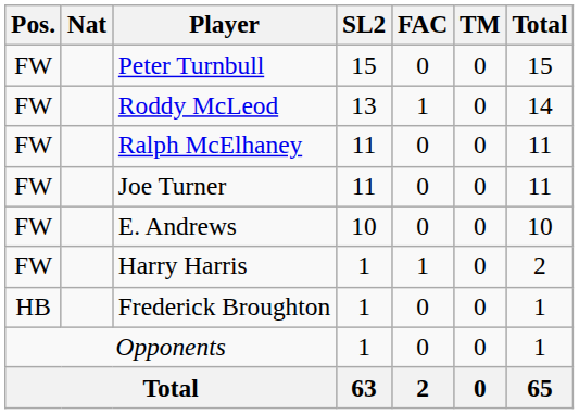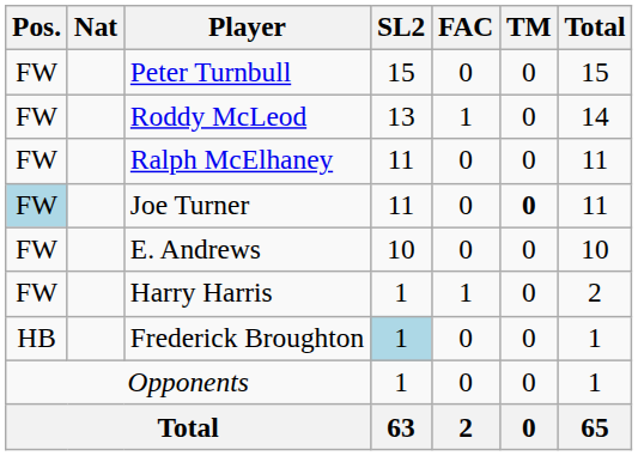 <table class="wikitable"  style="text-align:center; border:1px #aaa solid;">
 <tr>
 <th>Pos.</th>
 <th>Nat</th>
 <th>Player</th>
 <th>SL2</th>
 <th>FAC</th>
 <th>TM</th>
 <th>Total</th>
 </tr>
 <tr>
 <td>FW</td>
 <td></td>
 <td style="text-align:left;"><a href='#'>Peter Turnbull</a></td>
 <td>15</td>
 <td>0</td>
 <td>0</td>
 <td>15</td>
 </tr>
 <tr>
 <td>FW</td>
 <td></td>
 <td style="text-align:left;"><a href='#'>Roddy McLeod</a></td>
 <td>13</td>
 <td>1</td>
 <td>0</td>
 <td>14</td>
 </tr>
 <tr>
 <td>FW</td>
 <td></td>
 <td style="text-align:left;"><a href='#'>Ralph McElhaney</a></td>
 <td>11</td>
 <td>0</td>
 <td>0</td>
 <td>11</td>
 </tr>
 <tr>
-<td>FW</td>
+<td style="background: lightblue;">FW</td>
 <td></td>
 <td style="text-align:left;">Joe Turner</td>
 <td>11</td>
 <td>0</td>
-<td>0</td>
+<td><strong>0</strong></td>
 <td>11</td>
 </tr>
 <tr>
 <td>FW</td>
 <td></td>
 <td style="text-align:left;">E. Andrews</td>
 <td>10</td>
 <td>0</td>
 <td>0</td>
 <td>10</td>
 </tr>
 <tr>
 <td>FW</td>
 <td></td>
 <td style="text-align:left;">Harry Harris</td>
 <td>1</td>
 <td>1</td>
 <td>0</td>
 <td>2</td>
 </tr>
 <tr>
 <td>HB</td>
 <td></td>
 <td style="text-align:left;">Frederick Broughton</td>
-<td>1</td>
+<td style="background: lightblue;">1</td>
 <td>0</td>
 <td>0</td>
 <td>1</td>
 </tr>
 <tr>
 <td colspan="3"><em>Opponents</em></td>
 <td>1</td>
 <td>0</td>
 <td>0</td>
 <td>1</td>
 </tr>
 <tr>
 <th colspan="3">Total</th>
 <th>63</th>
 <th>2</th>
 <th>0</th>
 <th>65</th>
 </tr>
 </table>
